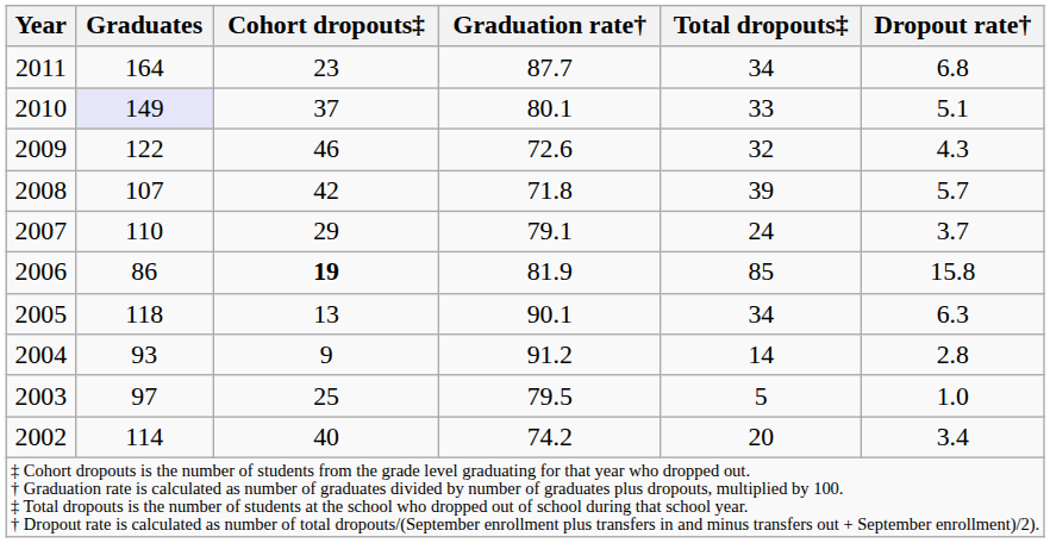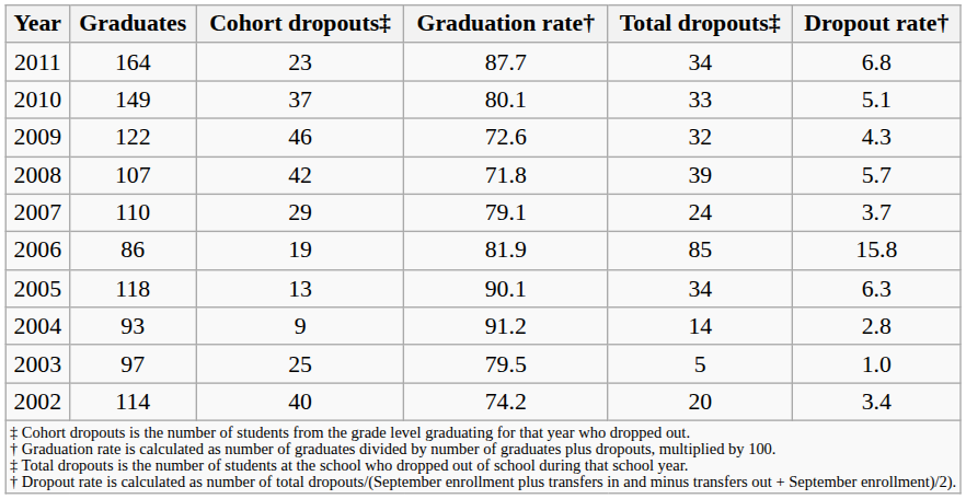 <table class="wikitable collapsible sortable" style="margin: 1em auto 1em auto;">
 <tr align="center">
 <th>Year</th>
 <th>Graduates</th>
 <th>Cohort dropouts‡</th>
 <th>Graduation rate†</th>
 <th>Total dropouts‡</th>
 <th>Dropout rate†</th>
 </tr>
 <tr align="center">
 <td>2011</td>
 <td>164</td>
 <td>23</td>
 <td>87.7</td>
 <td>34</td>
 <td>6.8</td>
 </tr>
 <tr align="center">
 <td>2010</td>
-<td style="background: lavender;">149</td>
+<td>149</td>
 <td>37</td>
 <td>80.1</td>
 <td>33</td>
 <td>5.1</td>
 </tr>
 <tr align="center">
 <td>2009</td>
 <td>122</td>
 <td>46</td>
 <td>72.6</td>
 <td>32</td>
 <td>4.3</td>
 </tr>
 <tr align="center">
 <td>2008</td>
 <td>107</td>
 <td>42</td>
 <td>71.8</td>
 <td>39</td>
 <td>5.7</td>
 </tr>
 <tr align="center">
 <td>2007</td>
 <td>110</td>
 <td>29</td>
 <td>79.1</td>
 <td>24</td>
 <td>3.7</td>
 </tr>
 <tr align="center">
 <td>2006</td>
 <td>86</td>
-<td><strong>19</strong></td>
+<td>19</td>
 <td>81.9</td>
 <td>85</td>
 <td>15.8</td>
 </tr>
 <tr align="center">
 <td>2005</td>
 <td>118</td>
 <td>13</td>
 <td>90.1</td>
 <td>34</td>
 <td>6.3</td>
 </tr>
 <tr align="center">
 <td>2004</td>
 <td>93</td>
 <td>9</td>
 <td>91.2</td>
 <td>14</td>
 <td>2.8</td>
 </tr>
 <tr align="center">
 <td>2003</td>
 <td>97</td>
 <td>25</td>
 <td>79.5</td>
 <td>5</td>
 <td>1.0</td>
 </tr>
 <tr align="center">
 <td>2002</td>
 <td>114</td>
 <td>40</td>
 <td>74.2</td>
 <td>20</td>
 <td>3.4</td>
 </tr>
 <tr class="sortbottom">
 <td colspan="6" style="font-size: 8pt">‡ Cohort dropouts is the number of students from the grade level graduating for that year who dropped out. <br> † Graduation rate is calculated as number of graduates divided by number of graduates plus dropouts, multiplied by 100. <br> ‡ Total dropouts is the number of students at the school who dropped out of school during that school year. <br> † Dropout rate is calculated as number of total dropouts/(September enrollment plus transfers in and minus transfers out + September enrollment)/2).</td>
 </tr>
 </table>
